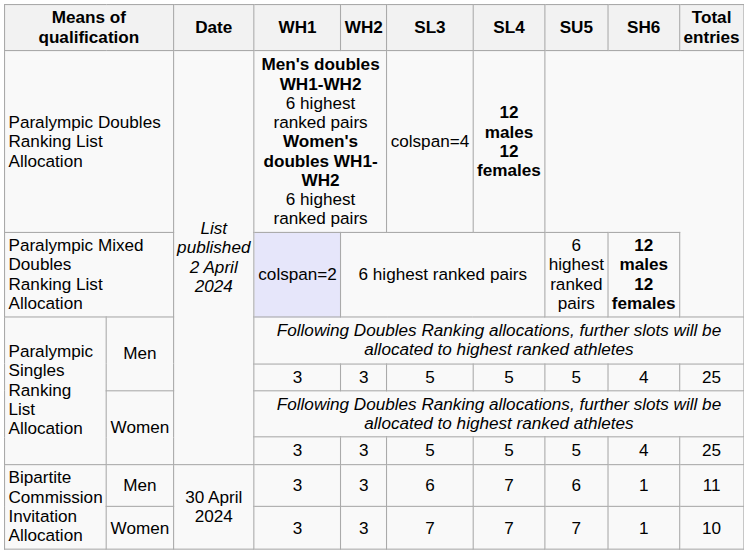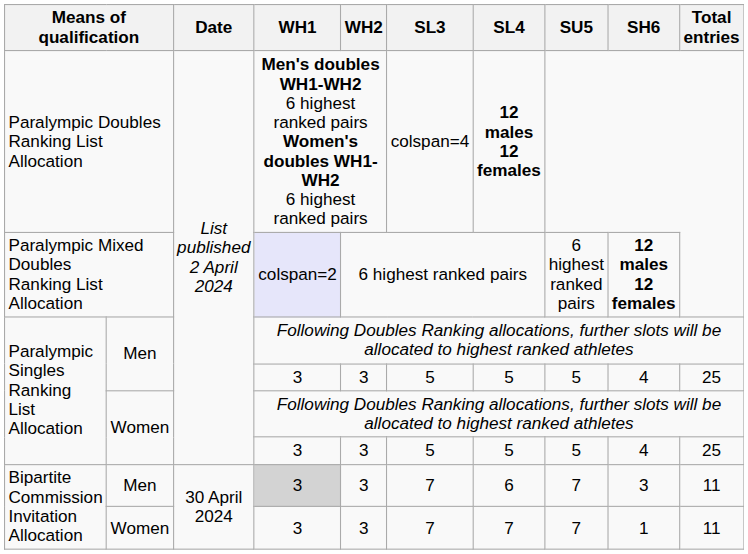 <table class=wikitable>
 <tr>
 <th colspan=2>Means of qualification</th>
 <th>Date</th>
 <th>WH1</th>
 <th>WH2</th>
 <th>SL3</th>
 <th>SL4</th>
 <th>SU5</th>
 <th>SH6</th>
 <th>Total<br>entries</th>
 </tr>
 <tr align=center>
 <td colspan=2 align=left>Paralympic Doubles<br>Ranking List Allocation</td>
 <td rowspan=6><em>List published<br>2 April 2024</em></td>
 <td colspan=2><strong>Men's doubles WH1-WH2</strong><br>6 highest ranked pairs<br><strong>Women's doubles WH1-WH2</strong><br> 6 highest ranked pairs</td>
 <td>colspan=4 </td>
 <td><strong>12 males</strong><br><strong>12 females</strong></td>
 </tr>
 <tr align=center>
 <td colspan=2 align=left>Paralympic Mixed Doubles<br>Ranking List Allocation</td>
 <td style="background: lavender;">colspan=2 </td>
 <td colspan=3>6 highest ranked pairs</td>
 <td>6 highest ranked pairs</td>
 <td><strong>12 males</strong><br><strong>12 females</strong></td>
 </tr>
 <tr align=center>
 <td rowspan=4 align=left>Paralympic Singles<br>Ranking List Allocation</td>
 <td rowspan=2>Men</td>
 <td colspan=7><em>Following Doubles Ranking allocations, further slots will be allocated to highest ranked athletes</em></td>
 </tr>
 <tr align=center>
 <td>3</td>
 <td>3</td>
 <td>5</td>
 <td>5</td>
 <td>5</td>
 <td>4</td>
 <td>25</td>
 </tr>
 <tr align=center>
 <td rowspan=2>Women</td>
 <td colspan=7><em>Following Doubles Ranking allocations, further slots will be allocated to highest ranked athletes</em></td>
 </tr>
 <tr align=center>
 <td>3</td>
 <td>3</td>
 <td>5</td>
 <td>5</td>
 <td>5</td>
 <td>4</td>
 <td>25</td>
 </tr>
 <tr align=center>
 <td rowspan=2 align=left>Bipartite Commission Invitation Allocation</td>
 <td>Men</td>
 <td rowspan=2>30 April 2024</td>
+<td style="background: lightgrey;">3</td>
 <td>3</td>
-<td>3</td>
+<td>7</td>
 <td>6</td>
 <td>7</td>
-<td>6</td>
-<td>1</td>
+<td>3</td>
 <td>11</td>
 </tr>
 <tr align=center>
 <td>Women</td>
 <td>3</td>
 <td>3</td>
 <td>7</td>
 <td>7</td>
 <td>7</td>
 <td>1</td>
-<td>10</td>
+<td>11</td>
 </tr>
 </table>
